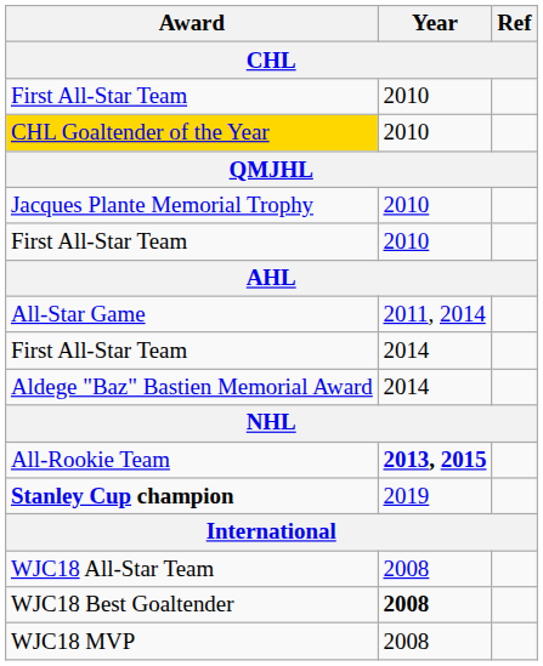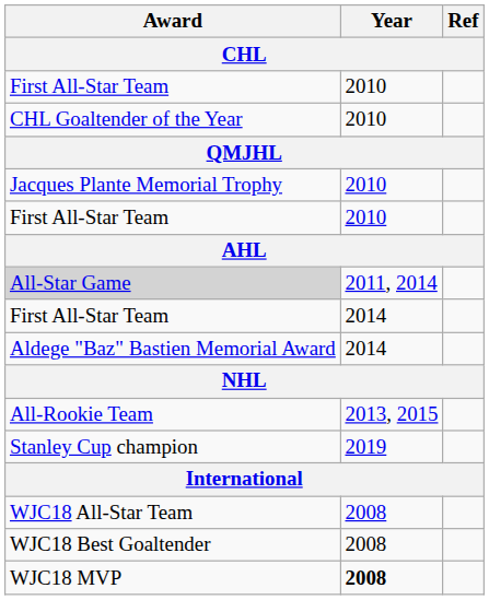 <table class="wikitable">
 <tr>
 <th>Award</th>
 <th>Year</th>
 <th>Ref</th>
 </tr>
 <tr>
 <th colspan="3"><a href='#'>CHL</a></th>
 </tr>
 <tr>
 <td><a href='#'>First All-Star Team</a></td>
 <td>2010</td>
 <td></td>
 </tr>
 <tr>
-<td style="background: gold;"><a href='#'>CHL Goaltender of the Year</a></td>
+<td><a href='#'>CHL Goaltender of the Year</a></td>
 <td>2010</td>
 <td></td>
 </tr>
 <tr>
 <th colspan="3"><a href='#'>QMJHL</a></th>
 </tr>
 <tr>
 <td><a href='#'>Jacques Plante Memorial Trophy</a></td>
 <td><a href='#'>2010</a></td>
 <td></td>
 </tr>
 <tr>
 <td>First All-Star Team</td>
 <td><a href='#'>2010</a></td>
 <td></td>
 </tr>
 <tr>
 <th colspan="3"><a href='#'>AHL</a></th>
 </tr>
 <tr>
-<td><a href='#'>All-Star Game</a></td>
+<td style="background: lightgrey;"><a href='#'>All-Star Game</a></td>
 <td><a href='#'>2011</a>, <a href='#'>2014</a></td>
 <td></td>
 </tr>
 <tr>
 <td>First All-Star Team</td>
 <td>2014</td>
 <td></td>
 </tr>
 <tr>
 <td><a href='#'>Aldege "Baz" Bastien Memorial Award</a></td>
 <td>2014</td>
 <td></td>
 </tr>
 <tr>
 <th colspan="3"><a href='#'>NHL</a></th>
 </tr>
 <tr>
 <td><a href='#'>All-Rookie Team</a></td>
-<td><strong><a href='#'>2013</a>, <a href='#'>2015</a></strong></td>
+<td><a href='#'>2013</a>, <a href='#'>2015</a></td>
 <td></td>
 </tr>
 <tr>
-<td><strong><a href='#'>Stanley Cup</a> champion</strong></td>
+<td><a href='#'>Stanley Cup</a> champion</td>
 <td><a href='#'>2019</a></td>
 <td></td>
 </tr>
 <tr>
 <th colspan="3"><a href='#'>International</a></th>
 </tr>
 <tr>
 <td><a href='#'>WJC18</a> All-Star Team</td>
 <td><a href='#'>2008</a></td>
 <td></td>
 </tr>
 <tr>
 <td>WJC18 Best Goaltender</td>
-<td><strong>2008</strong></td>
+<td>2008</td>
 <td></td>
 </tr>
 <tr>
 <td>WJC18 MVP</td>
-<td>2008</td>
+<td><strong>2008</strong></td>
 <td></td>
 </tr>
 </table>
